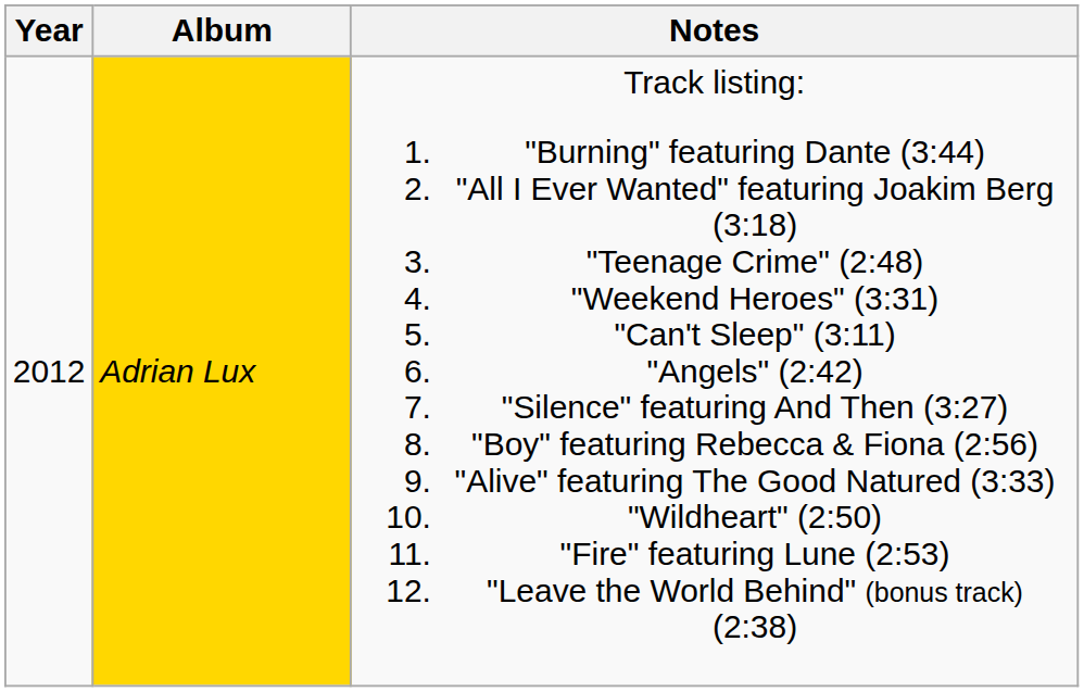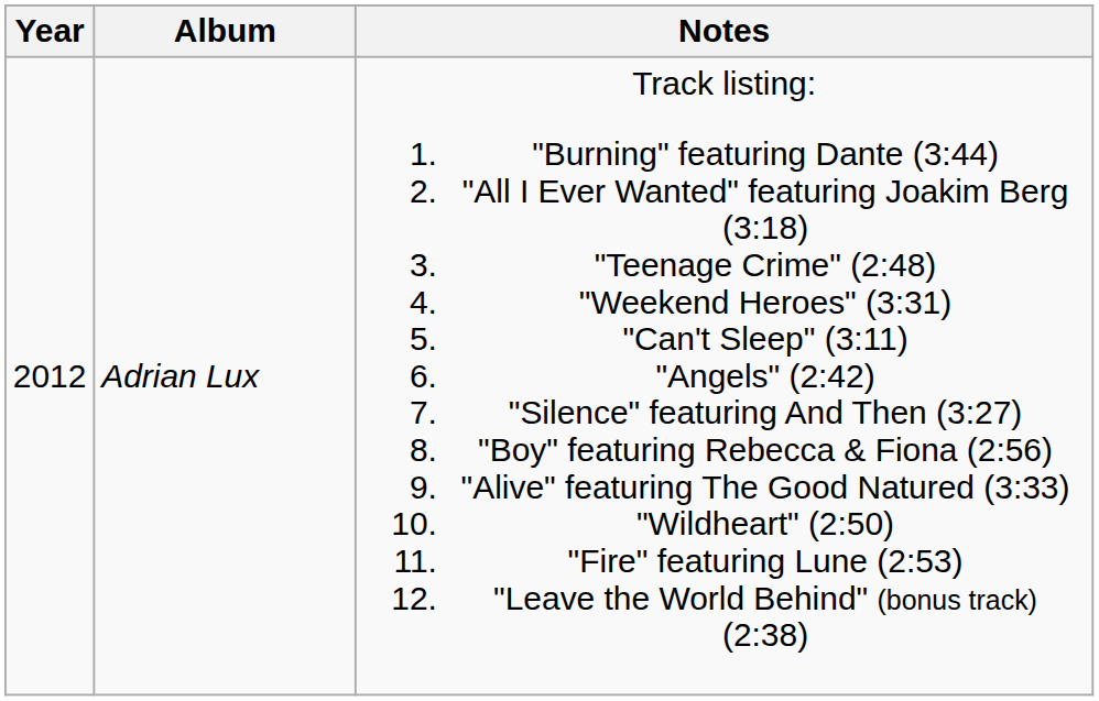 <table class="wikitable plainrowheaders">
 <tr>
 <th align="center" width="10">Year</th>
 <th align="center" width="120">Album</th>
 <th align="center" width="350">Notes</th>
 </tr>
 <tr>
 <td align="center">2012</td>
-<td style="background: gold;"><em>Adrian Lux</em></td>
+<td><em>Adrian Lux</em></td>
 <td align="center">Track listing:<br><ol><li>"Burning" featuring Dante (3:44)</li><li>"All I Ever Wanted" featuring Joakim Berg (3:18)</li><li>"Teenage Crime" (2:48)</li><li>"Weekend Heroes" (3:31)</li><li>"Can't Sleep" (3:11)</li><li>"Angels" (2:42)</li><li>"Silence" featuring And Then (3:27)</li><li>"Boy" featuring Rebecca & Fiona (2:56)</li><li>"Alive" featuring The Good Natured (3:33)</li><li>"Wildheart" (2:50)</li><li>"Fire" featuring Lune (2:53)</li><li>"Leave the World Behind" <small>(bonus track)</small> (2:38)</li></ol></td>
 </tr>
 </table>
